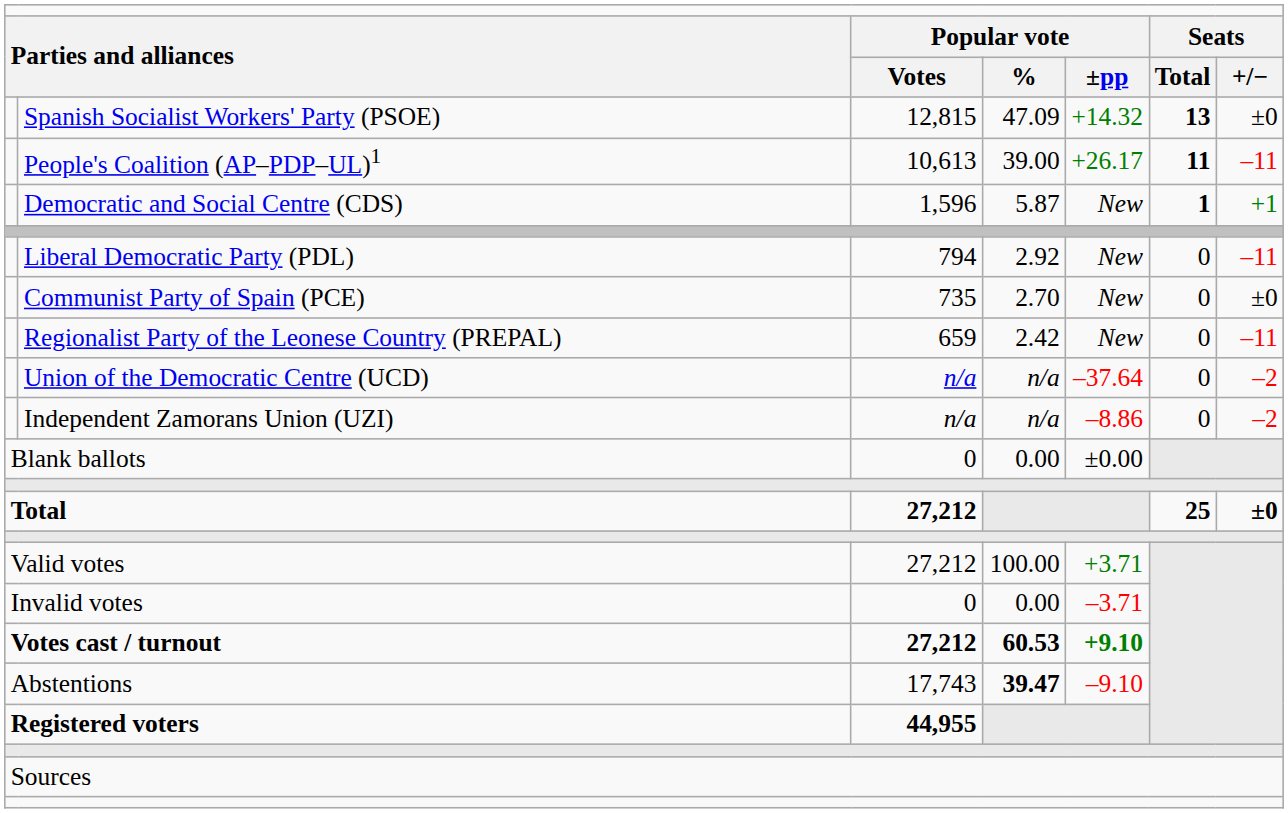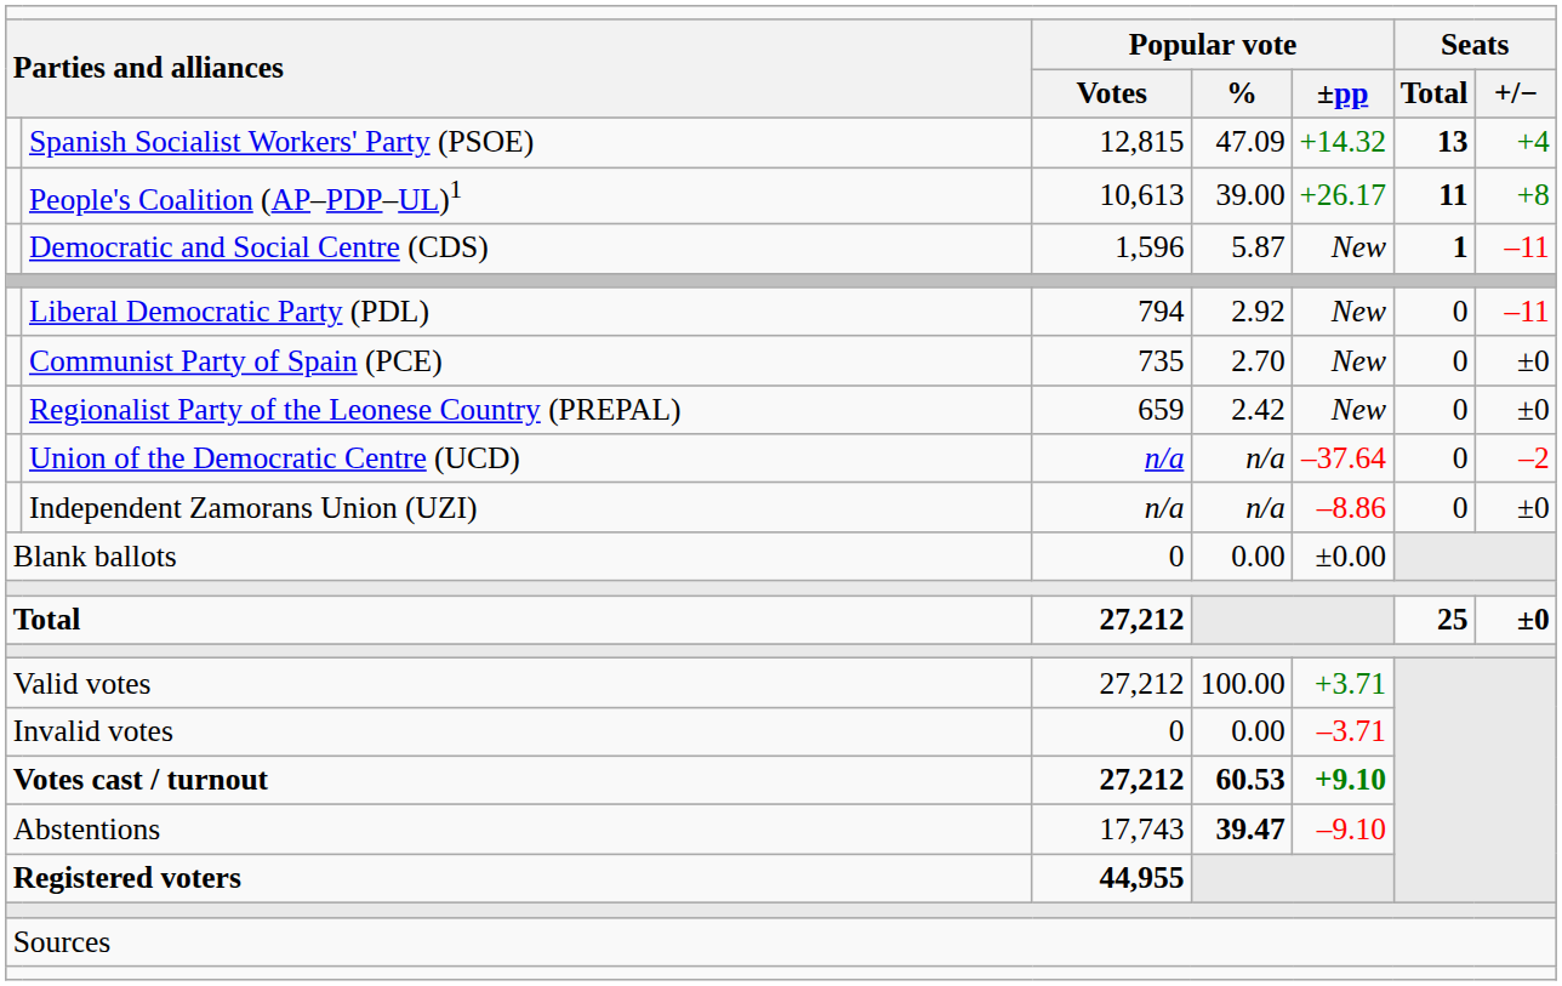 <table class="wikitable" style="text-align:right;">
 <tr>
 <td colspan="7"></td>
 </tr>
 <tr>
 <th style="text-align:left;" rowspan="2" colspan="2" width="525">Parties and alliances</th>
 <th colspan="3">Popular vote</th>
 <th colspan="2">Seats</th>
 </tr>
 <tr>
 <th width="75">Votes</th>
 <th width="45">%</th>
 <th width="45">±<a href='#'>pp</a></th>
 <th width="35">Total</th>
 <th width="35">+/−</th>
 </tr>
 <tr>
 <td width="1" style="color:inherit;background:"></td>
 <td align="left"><a href='#'>Spanish Socialist Workers' Party</a> (PSOE)</td>
 <td>12,815</td>
 <td>47.09</td>
 <td style="color:green;">+14.32</td>
 <td><strong>13</strong></td>
-<td>±0</td>
+<td style="color:green;">+4</td>
 </tr>
 <tr>
 <td style="color:inherit;background:"></td>
 <td align="left"><a href='#'>People's Coalition</a> (<a href='#'>AP</a>–<a href='#'>PDP</a>–<a href='#'>UL</a>)<sup>1</sup></td>
 <td>10,613</td>
 <td>39.00</td>
 <td style="color:green;">+26.17</td>
 <td><strong>11</strong></td>
-<td style="color:red;">–11</td>
+<td style="color:green;">+8</td>
 </tr>
 <tr>
 <td style="color:inherit;background:"></td>
 <td align="left"><a href='#'>Democratic and Social Centre</a> (CDS)</td>
 <td>1,596</td>
 <td>5.87</td>
 <td><em>New</em></td>
 <td><strong>1</strong></td>
-<td style="color:green;">+1</td>
+<td style="color:red;">–11</td>
 </tr>
 <tr>
 <td colspan="7" bgcolor="#C0C0C0"></td>
 </tr>
 <tr>
 <td style="color:inherit;background:"></td>
 <td align="left"><a href='#'>Liberal Democratic Party</a> (PDL)</td>
 <td>794</td>
 <td>2.92</td>
 <td><em>New</em></td>
 <td>0</td>
 <td style="color:red;">–11</td>
 </tr>
 <tr>
 <td style="color:inherit;background:"></td>
 <td align="left"><a href='#'>Communist Party of Spain</a> (PCE)</td>
 <td>735</td>
 <td>2.70</td>
 <td><em>New</em></td>
 <td>0</td>
 <td>±0</td>
 </tr>
 <tr>
 <td style="color:inherit;background:"></td>
 <td align="left"><a href='#'>Regionalist Party of the Leonese Country</a> (PREPAL)</td>
 <td>659</td>
 <td>2.42</td>
 <td><em>New</em></td>
 <td>0</td>
-<td style="color:red;">–11</td>
+<td>±0</td>
 </tr>
 <tr>
 <td style="color:inherit;background:"></td>
 <td align="left"><a href='#'>Union of the Democratic Centre</a> (UCD)</td>
 <td><em><a href='#'>n/a</a></em></td>
 <td><em>n/a</em></td>
 <td style="color:red;">–37.64</td>
 <td>0</td>
 <td style="color:red;">–2</td>
 </tr>
 <tr>
 <td style="color:inherit;background:"></td>
 <td align="left">Independent Zamorans Union (UZI)</td>
 <td><em>n/a</em></td>
 <td><em>n/a</em></td>
 <td style="color:red;">–8.86</td>
 <td>0</td>
-<td style="color:red;">–2</td>
+<td>±0</td>
 </tr>
 <tr>
 <td align="left" colspan="2">Blank ballots</td>
 <td>0</td>
 <td>0.00</td>
 <td>±0.00</td>
 <td bgcolor="#E9E9E9" colspan="2"></td>
 </tr>
 <tr>
 <td colspan="7" bgcolor="#E9E9E9"></td>
 </tr>
 <tr style="font-weight:bold;">
 <td align="left" colspan="2">Total</td>
 <td>27,212</td>
 <td bgcolor="#E9E9E9" colspan="2"></td>
 <td>25</td>
 <td>±0</td>
 </tr>
 <tr>
 <td colspan="7" bgcolor="#E9E9E9"></td>
 </tr>
 <tr>
 <td align="left" colspan="2">Valid votes</td>
 <td>27,212</td>
 <td>100.00</td>
 <td style="color:green;">+3.71</td>
 <td bgcolor="#E9E9E9" colspan="2" rowspan="5"></td>
 </tr>
 <tr>
 <td align="left" colspan="2">Invalid votes</td>
 <td>0</td>
 <td>0.00</td>
 <td style="color:red;">–3.71</td>
 </tr>
 <tr style="font-weight:bold;">
 <td align="left" colspan="2">Votes cast / turnout</td>
 <td>27,212</td>
 <td>60.53</td>
 <td style="color:green;">+9.10</td>
 </tr>
 <tr>
 <td align="left" colspan="2">Abstentions</td>
 <td>17,743</td>
 <td><strong>39.47</strong></td>
 <td style="color:red;">–9.10</td>
 </tr>
 <tr style="font-weight:bold;">
 <td align="left" colspan="2">Registered voters</td>
 <td>44,955</td>
 <td bgcolor="#E9E9E9" colspan="2"></td>
 </tr>
 <tr>
 <td colspan="7" bgcolor="#E9E9E9"></td>
 </tr>
 <tr>
 <td align="left" colspan="7">Sources</td>
 </tr>
 <tr>
 <td colspan="7" style="text-align:left; max-width:790px;"></td>
 </tr>
 </table>
